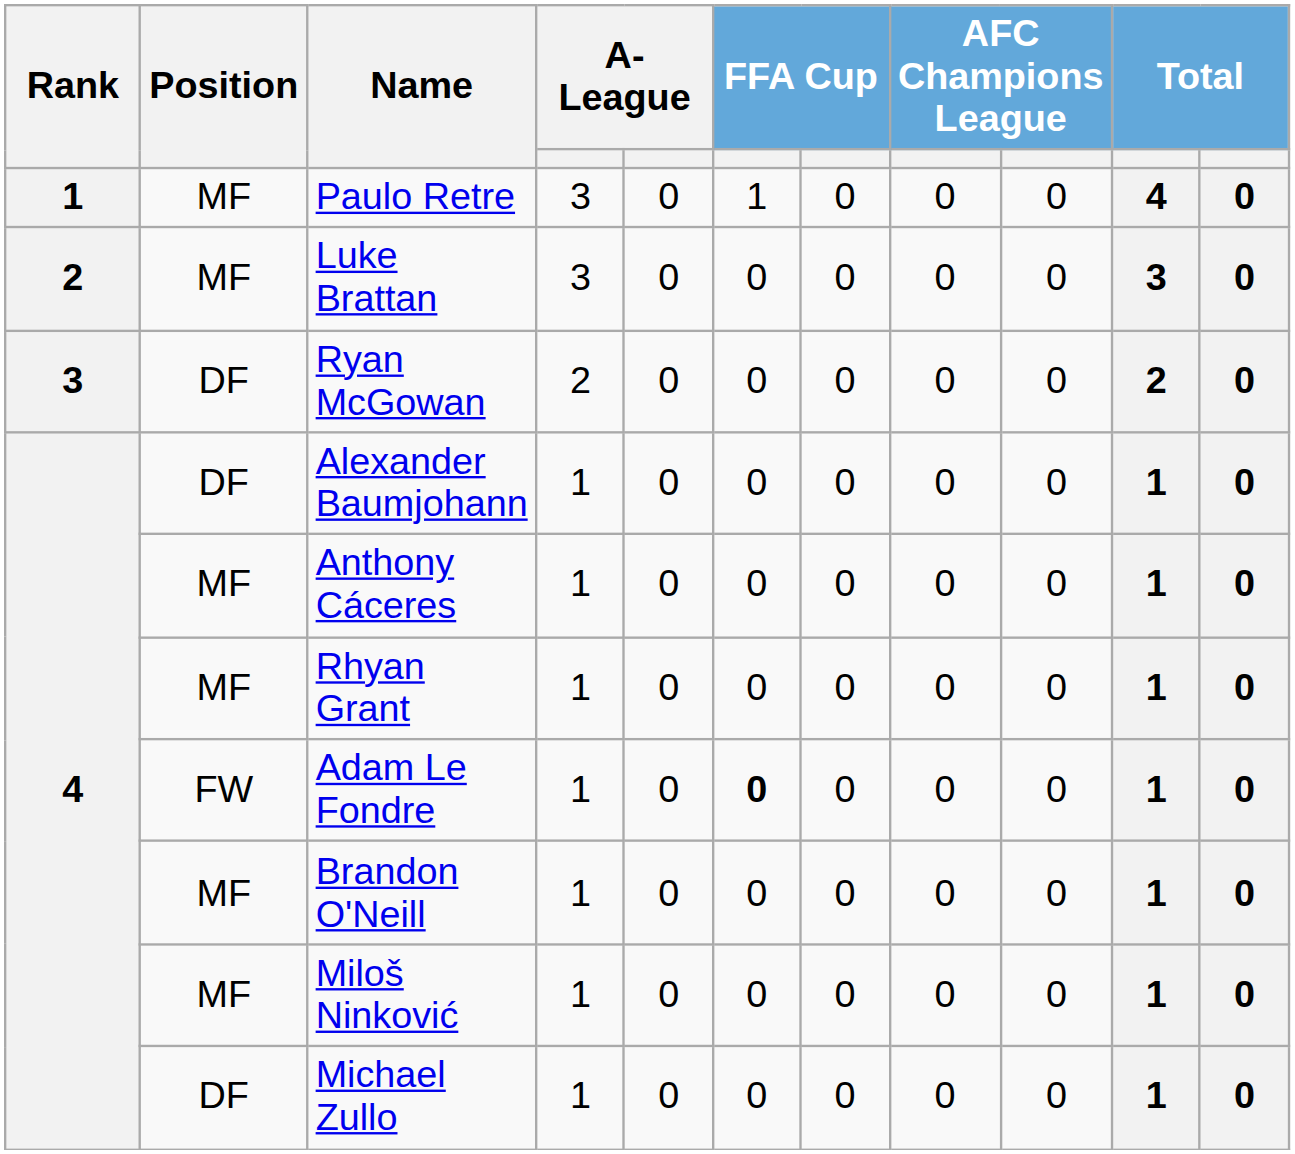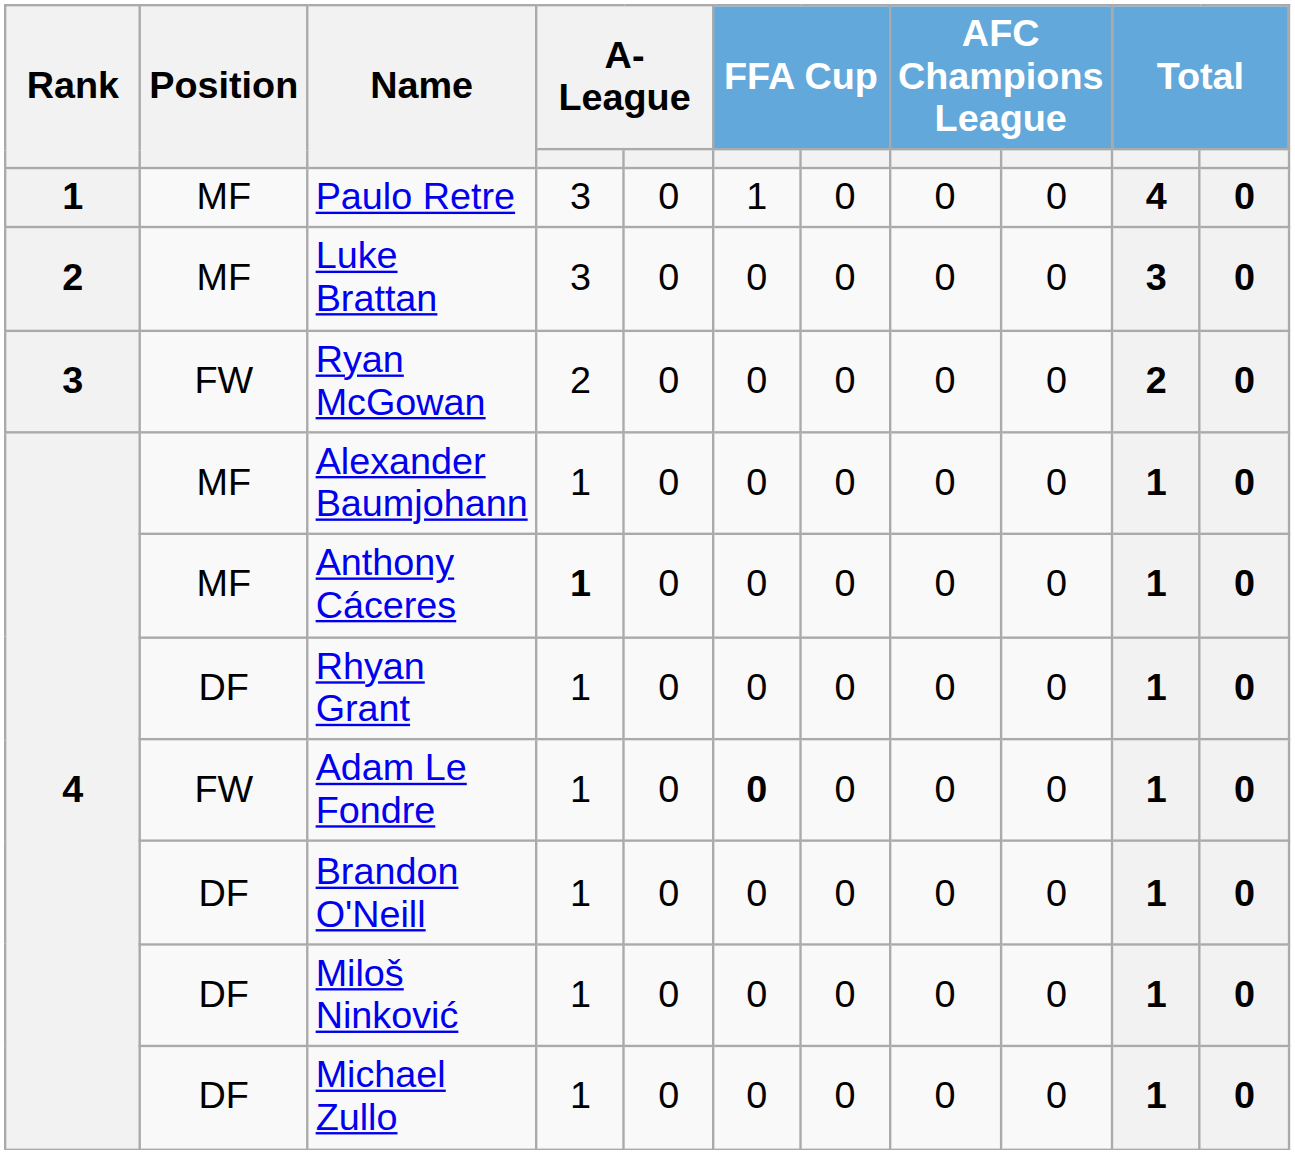 <table class="wikitable" style="text-align: center;">
 <tr>
 <th rowspan="2" style="width:50px;" ! style="background:#62a8da;color:white;">Rank</th>
 <th rowspan="2" style="width:50px;" ! style="background:#62a8da;color:white;">Position</th>
 <th rowspan="2" style="width:50px;" ! style="background:#62a8da;color:white;">Name</th>
 <th colspan="2" style="width:50px;" ! style="background:#62a8da;color:white;">A-League</th>
 <th colspan="2" style="background:#62a8da;color:white;">FFA Cup</th>
 <th colspan="2" style="background:#62a8da;color:white;">AFC Champions League</th>
 <th colspan="2" style="background:#62a8da;color:white;">Total</th>
 </tr>
 <tr>
 <th style="width:30px;" style="background:#62a8da;color:white;width:10px"></th>
 <th style="width:30px;" style="background:#62a8da;color:white;width:10px"></th>
 <th style="width:30px;" style="background:#62a8da;color:white;width:10px"></th>
 <th style="width:30px;" style="background:#62a8da;color:white;width:10px"></th>
 <th style="width:30px;" style="background:#62a8da;color:white;width:10px"></th>
 <th style="width:30px;" style="background:#62a8da;color:white;width:10px"></th>
 <th style="width:30px;" style="background:#62a8da;color:white;width:10px"></th>
 <th style="width:30px;" style="background:#62a8da;color:white;width:10px"></th>
 </tr>
 <tr>
 <th rowspan="1">1</th>
 <td>MF</td>
 <td align=left> <a href='#'>Paulo Retre</a><br></td>
 <td>3</td>
 <td>0<br></td>
 <td>1</td>
 <td>0<br></td>
 <td>0</td>
 <td>0<br></td>
 <th>4</th>
 <th>0</th>
 </tr>
 <tr>
 <th rowspan="1">2</th>
 <td>MF</td>
 <td align=left> <a href='#'>Luke Brattan</a><br></td>
 <td>3</td>
 <td>0<br></td>
 <td>0</td>
 <td>0<br></td>
 <td>0</td>
 <td>0<br></td>
 <th>3</th>
 <th>0</th>
 </tr>
 <tr>
 <th rowspan="1">3</th>
-<td>DF</td>
+<td>FW</td>
 <td align=left> <a href='#'>Ryan McGowan</a><br></td>
 <td>2</td>
 <td>0<br></td>
 <td>0</td>
 <td>0<br></td>
 <td>0</td>
 <td>0<br></td>
 <th>2</th>
 <th>0</th>
 </tr>
 <tr>
 <th rowspan="7">4</th>
-<td>DF</td>
+<td>MF</td>
 <td align=left> <a href='#'>Alexander Baumjohann</a><br></td>
 <td>1</td>
 <td>0<br></td>
 <td>0</td>
 <td>0<br></td>
 <td>0</td>
 <td>0<br></td>
 <th>1</th>
 <th>0</th>
 </tr>
 <tr>
 <td>MF</td>
 <td align=left> <a href='#'>Anthony Cáceres</a><br></td>
-<td>1</td>
+<td><strong>1</strong></td>
 <td>0<br></td>
 <td>0</td>
 <td>0<br></td>
 <td>0</td>
 <td>0<br></td>
 <th>1</th>
 <th>0</th>
 </tr>
 <tr>
-<td>MF</td>
+<td>DF</td>
 <td align=left> <a href='#'>Rhyan Grant</a><br></td>
 <td>1</td>
 <td>0<br></td>
 <td>0</td>
 <td>0<br></td>
 <td>0</td>
 <td>0<br></td>
 <th>1</th>
 <th>0</th>
 </tr>
 <tr>
 <td>FW</td>
 <td align=left> <a href='#'>Adam Le Fondre</a><br></td>
 <td>1</td>
 <td>0<br></td>
 <td><strong>0</strong></td>
 <td>0<br></td>
 <td>0</td>
 <td>0<br></td>
 <th>1</th>
 <th>0</th>
 </tr>
 <tr>
-<td>MF</td>
+<td>DF</td>
 <td align=left> <a href='#'>Brandon O'Neill</a><br></td>
 <td>1</td>
 <td>0<br></td>
 <td>0</td>
 <td>0<br></td>
 <td>0</td>
 <td>0<br></td>
 <th>1</th>
 <th>0</th>
 </tr>
 <tr>
-<td>MF</td>
+<td>DF</td>
 <td align=left> <a href='#'>Miloš Ninković</a><br></td>
 <td>1</td>
 <td>0<br></td>
 <td>0</td>
 <td>0<br></td>
 <td>0</td>
 <td>0<br></td>
 <th>1</th>
 <th>0</th>
 </tr>
 <tr>
 <td>DF</td>
 <td align=left> <a href='#'>Michael Zullo</a><br></td>
 <td>1</td>
 <td>0<br></td>
 <td>0</td>
 <td>0<br></td>
 <td>0</td>
 <td>0<br></td>
 <th>1</th>
 <th>0</th>
 </tr>
 </table>
